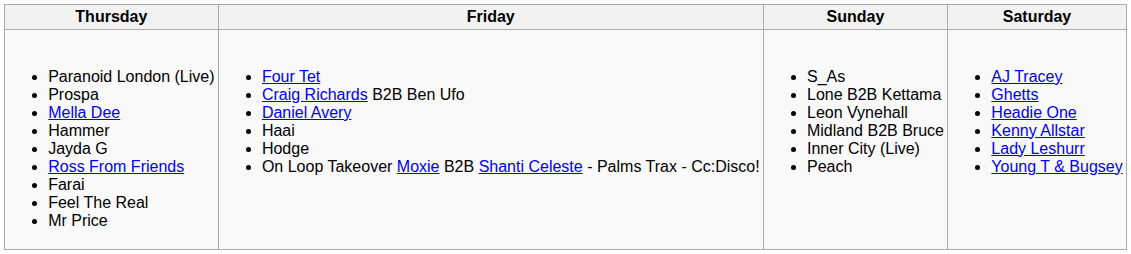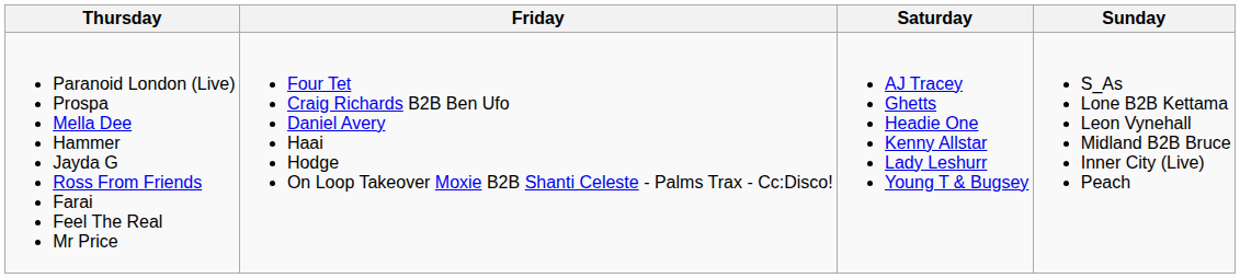 <table class="wikitable">
 <tr>
 <th>Thursday</th>
 <th>Friday</th>
+<th>Saturday</th>
 <th>Sunday</th>
-<th>Saturday</th>
 </tr>
 <tr valign="top">
 <td><br><ul><li>Paranoid London (Live)</li><li>Prospa</li><li><a href='#'>Mella Dee</a></li><li>Hammer</li><li>Jayda G</li><li><a href='#'>Ross From Friends</a></li><li>Farai</li><li>Feel The Real</li><li>Mr Price</li></ul></td>
 <td><br><ul><li><a href='#'>Four Tet</a></li><li><a href='#'>Craig Richards</a> B2B Ben Ufo</li><li><a href='#'>Daniel Avery</a></li><li>Haai</li><li>Hodge</li><li>On Loop Takeover <a href='#'>Moxie</a> B2B <a href='#'>Shanti Celeste</a> - Palms Trax - Cc:Disco!</li></ul></td>
+<td><br><ul><li><a href='#'>AJ Tracey</a></li><li><a href='#'>Ghetts</a></li><li><a href='#'>Headie One</a></li><li><a href='#'>Kenny Allstar</a></li><li><a href='#'>Lady Leshurr</a></li><li><a href='#'>Young T & Bugsey</a></li></ul></td>
 <td><br><ul><li>S_As</li><li>Lone B2B Kettama</li><li>Leon Vynehall</li><li>Midland B2B Bruce</li><li>Inner City (Live)</li><li>Peach</li></ul></td>
-<td><br><ul><li><a href='#'>AJ Tracey</a></li><li><a href='#'>Ghetts</a></li><li><a href='#'>Headie One</a></li><li><a href='#'>Kenny Allstar</a></li><li><a href='#'>Lady Leshurr</a></li><li><a href='#'>Young T & Bugsey</a></li></ul></td>
 </tr>
 </table>
